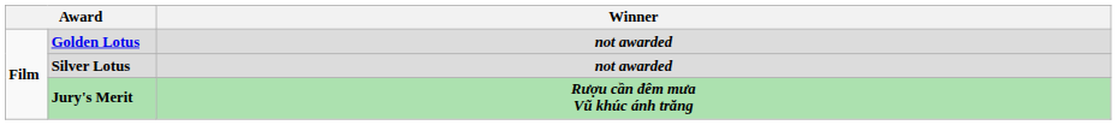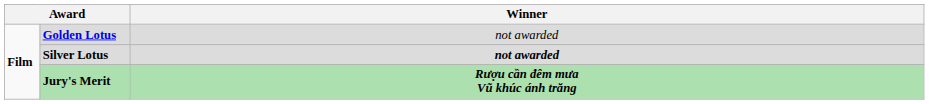 <table class=wikitable>
 <tr>
 <th width="12%" colspan="2">Award</th>
 <th width="76%">Winner</th>
 </tr>
 <tr>
 <td rowspan="3"><strong>Film</strong></td>
 <td style="background:#DCDCDC"><strong><a href='#'>Golden Lotus</a></strong></td>
-<td style="background:#DCDCDC" align=center><strong><em>not awarded</em></strong></td>
+<td style="background:#DCDCDC" align=center><em>not awarded</em></td>
 </tr>
 <tr>
 <td style="background:#DCDCDC"><strong>Silver Lotus</strong></td>
 <td style="background:#DCDCDC" align=center><strong><em>not awarded</em></strong></td>
 </tr>
 <tr>
 <td style="background:#ACE1AF"><strong>Jury's Merit</strong></td>
 <td style="background:#ACE1AF" align=center><strong><em>Rượu cần đêm mưa</em></strong><br><strong><em>Vũ khúc ánh trăng</em></strong></td>
 </tr>
 </table>
